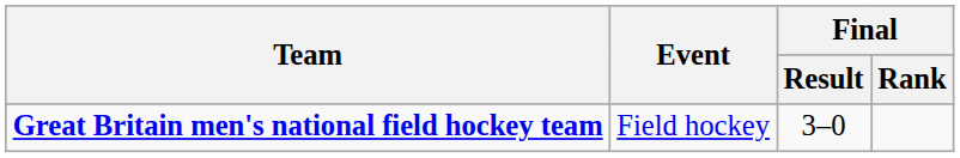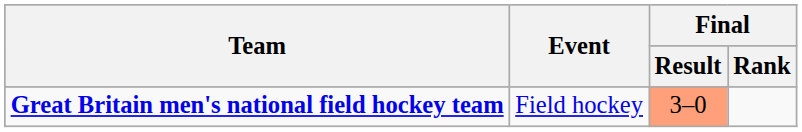 <table class=wikitable style="font-size:90%">
 <tr>
 <th rowspan=2>Team</th>
 <th rowspan=2>Event</th>
 <th colspan=2>Final</th>
 </tr>
 <tr>
 <th>Result</th>
 <th>Rank</th>
 </tr>
 <tr>
 <td><strong><a href='#'>Great Britain men's national field hockey team</a></strong></td>
 <td><a href='#'>Field hockey</a></td>
-<td align=center>3–0</td>
+<td align=center style="background: lightsalmon;">3–0</td>
 <td align=center></td>
 </tr>
 </table>
